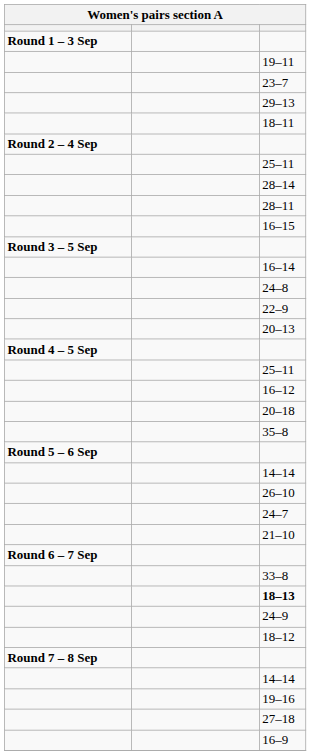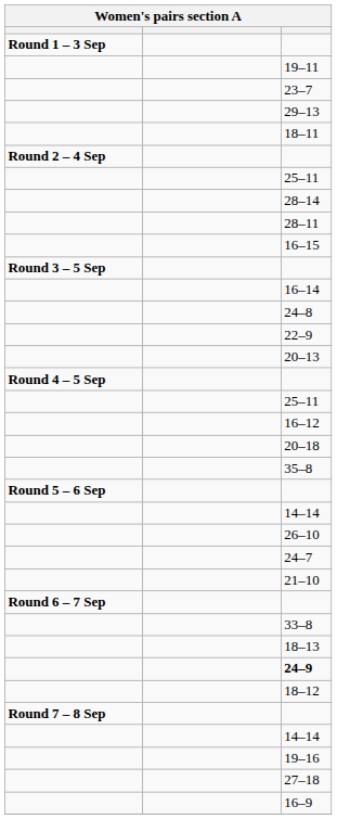 <table class="wikitable">
 <tr>
 <th colspan="3">Women's pairs section A</th>
 </tr>
 <tr>
 <th width=150></th>
 <th width=150></th>
 <th width=50></th>
 </tr>
 <tr>
 <td><strong>Round 1 – 3 Sep</strong></td>
 <td></td>
 <td></td>
 </tr>
 <tr>
 <td></td>
 <td></td>
 <td>19–11</td>
 </tr>
 <tr>
 <td></td>
 <td></td>
 <td>23–7</td>
 </tr>
 <tr>
 <td></td>
 <td></td>
 <td>29–13</td>
 </tr>
 <tr>
 <td></td>
 <td></td>
 <td>18–11</td>
 </tr>
 <tr>
 <td><strong>Round 2 – 4 Sep</strong></td>
 <td></td>
 <td></td>
 </tr>
 <tr>
 <td></td>
 <td></td>
 <td>25–11</td>
 </tr>
 <tr>
 <td></td>
 <td></td>
 <td>28–14</td>
 </tr>
 <tr>
 <td></td>
 <td></td>
 <td>28–11</td>
 </tr>
 <tr>
 <td></td>
 <td></td>
 <td>16–15</td>
 </tr>
 <tr>
 <td><strong>Round 3 – 5 Sep</strong></td>
 <td></td>
 <td></td>
 </tr>
 <tr>
 <td></td>
 <td></td>
 <td>16–14</td>
 </tr>
 <tr>
 <td></td>
 <td></td>
 <td>24–8</td>
 </tr>
 <tr>
 <td></td>
 <td></td>
 <td>22–9</td>
 </tr>
 <tr>
 <td></td>
 <td></td>
 <td>20–13</td>
 </tr>
 <tr>
 <td><strong>Round 4 – 5 Sep</strong></td>
 <td></td>
 <td></td>
 </tr>
 <tr>
 <td></td>
 <td></td>
 <td>25–11</td>
 </tr>
 <tr>
 <td></td>
 <td></td>
 <td>16–12</td>
 </tr>
 <tr>
 <td></td>
 <td></td>
 <td>20–18</td>
 </tr>
 <tr>
 <td></td>
 <td></td>
 <td>35–8</td>
 </tr>
 <tr>
 <td><strong>Round 5 – 6 Sep</strong></td>
 <td></td>
 <td></td>
 </tr>
 <tr>
 <td></td>
 <td></td>
 <td>14–14</td>
 </tr>
 <tr>
 <td></td>
 <td></td>
 <td>26–10</td>
 </tr>
 <tr>
 <td></td>
 <td></td>
 <td>24–7</td>
 </tr>
 <tr>
 <td></td>
 <td></td>
 <td>21–10</td>
 </tr>
 <tr>
 <td><strong>Round 6  – 7 Sep</strong></td>
 <td></td>
 <td></td>
 </tr>
 <tr>
 <td></td>
 <td></td>
 <td>33–8</td>
 </tr>
 <tr>
 <td></td>
 <td></td>
-<td><strong>18–13</strong></td>
+<td>18–13</td>
 </tr>
 <tr>
 <td></td>
 <td></td>
-<td>24–9</td>
+<td><strong>24–9</strong></td>
 </tr>
 <tr>
 <td></td>
 <td></td>
 <td>18–12</td>
 </tr>
 <tr>
 <td><strong>Round 7 – 8 Sep</strong></td>
 <td></td>
 <td></td>
 </tr>
 <tr>
 <td></td>
 <td></td>
 <td>14–14</td>
 </tr>
 <tr>
 <td></td>
 <td></td>
 <td>19–16</td>
 </tr>
 <tr>
 <td></td>
 <td></td>
 <td>27–18</td>
 </tr>
 <tr>
 <td></td>
 <td></td>
 <td>16–9</td>
 </tr>
 <tr>
 </tr>
 </table>
